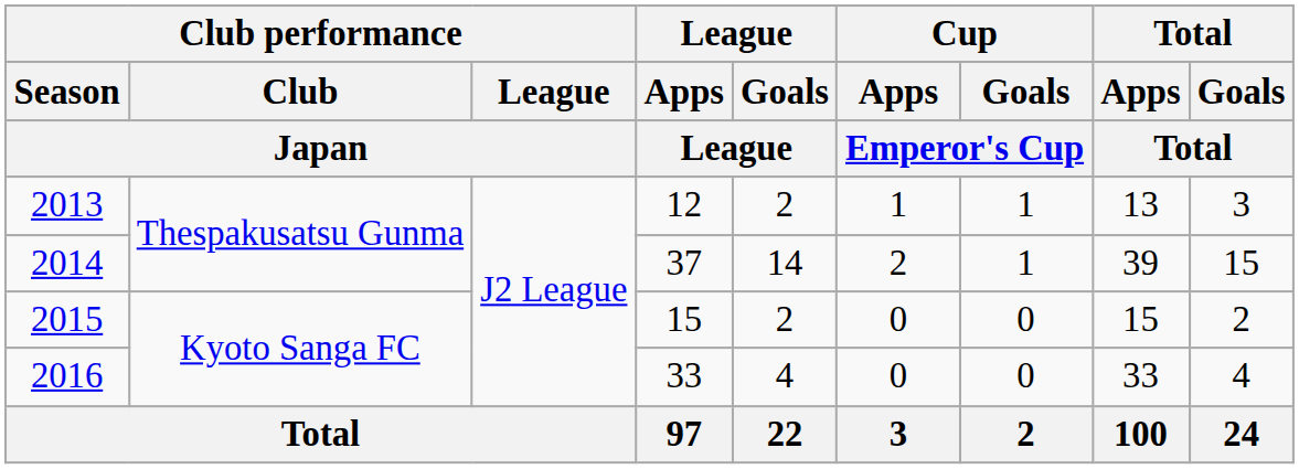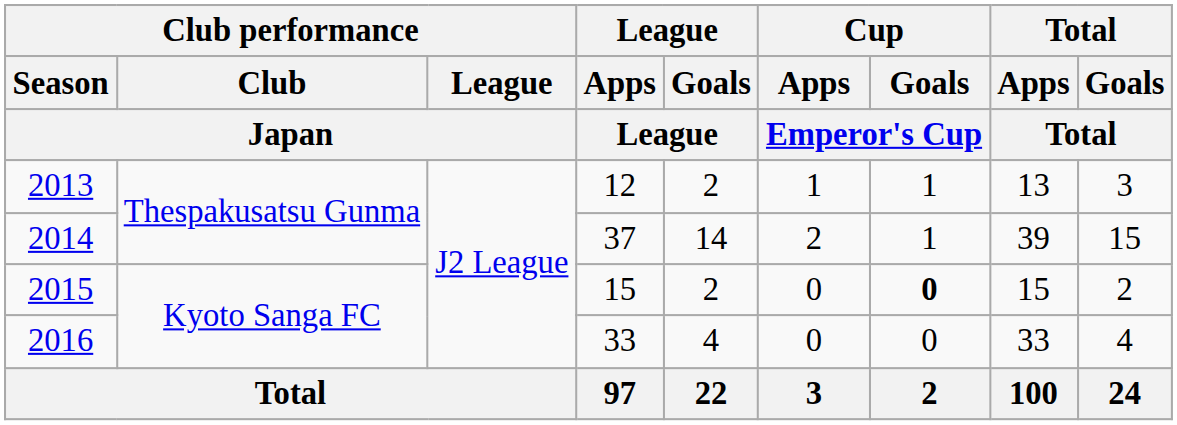 <table class="wikitable" style="text-align:center;">
 <tr>
 <th colspan=3>Club performance</th>
 <th colspan=2>League</th>
 <th colspan=2>Cup</th>
 <th colspan=2>Total</th>
 </tr>
 <tr>
 <th>Season</th>
 <th>Club</th>
 <th>League</th>
 <th>Apps</th>
 <th>Goals</th>
 <th>Apps</th>
 <th>Goals</th>
 <th>Apps</th>
 <th>Goals</th>
 </tr>
 <tr>
 <th colspan=3>Japan</th>
 <th colspan=2>League</th>
 <th colspan=2><a href='#'>Emperor's Cup</a></th>
 <th colspan=2>Total</th>
 </tr>
 <tr>
 <td><a href='#'>2013</a></td>
 <td rowspan="2"><a href='#'>Thespakusatsu Gunma</a></td>
 <td rowspan="4"><a href='#'>J2 League</a></td>
 <td>12</td>
 <td>2</td>
 <td>1</td>
 <td>1</td>
 <td>13</td>
 <td>3</td>
 </tr>
 <tr>
 <td><a href='#'>2014</a></td>
 <td>37</td>
 <td>14</td>
 <td>2</td>
 <td>1</td>
 <td>39</td>
 <td>15</td>
 </tr>
 <tr>
 <td><a href='#'>2015</a></td>
 <td rowspan="2"><a href='#'>Kyoto Sanga FC</a></td>
 <td>15</td>
 <td>2</td>
 <td>0</td>
-<td>0</td>
+<td><strong>0</strong></td>
 <td>15</td>
 <td>2</td>
 </tr>
 <tr>
 <td><a href='#'>2016</a></td>
 <td>33</td>
 <td>4</td>
 <td>0</td>
 <td>0</td>
 <td>33</td>
 <td>4</td>
 </tr>
 <tr>
 <th colspan=3>Total</th>
 <th>97</th>
 <th>22</th>
 <th>3</th>
 <th>2</th>
 <th>100</th>
 <th>24</th>
 </tr>
 </table>
